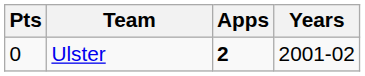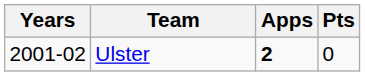 <table class="wikitable" style="text-align:left;">
 <tr>
-<th>Pts</th>
+<th>Years</th>
 <th width=120px>Team</th>
 <th>Apps</th>
-<th>Years</th>
+<th>Pts</th>
 </tr>
 <tr>
-<td>0</td>
+<td>2001-02</td>
 <td><a href='#'>Ulster</a></td>
 <td><strong>2</strong></td>
-<td>2001-02</td>
+<td>0</td>
 </tr>
 </table>
